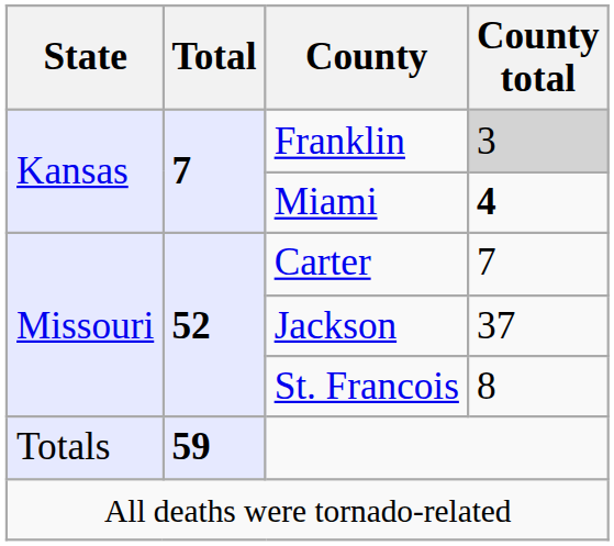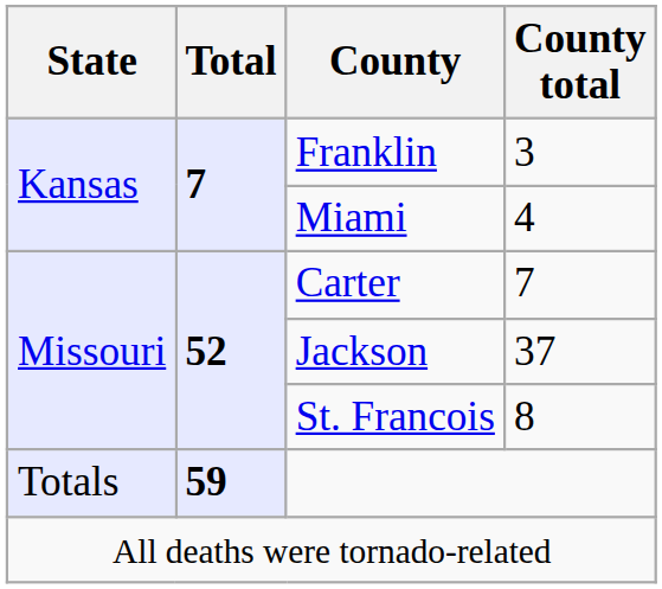 <table class="wikitable" style="margin:0 0 0.5em 1em;float:right;">
 <tr>
 <th><strong>State</strong></th>
 <th><strong>Total</strong></th>
 <th><strong>County</strong></th>
 <th><strong>County<br>total</strong></th>
 </tr>
 <tr>
 <td rowspan=2 bgcolor="#e6e9ff"><a href='#'>Kansas</a></td>
 <td rowspan=2 bgcolor="#e6e9ff"><strong>7</strong></td>
 <td><a href='#'>Franklin</a></td>
-<td style="background: lightgrey;">3</td>
+<td>3</td>
 </tr>
 <tr>
 <td><a href='#'>Miami</a></td>
-<td><strong>4</strong></td>
+<td>4</td>
 </tr>
 <tr>
 <td rowspan=3 bgcolor="#e6e9ff"><a href='#'>Missouri</a></td>
 <td rowspan=3 bgcolor="#e6e9ff"><strong>52</strong></td>
 <td><a href='#'>Carter</a></td>
 <td>7</td>
 </tr>
 <tr>
 <td><a href='#'>Jackson</a></td>
 <td>37</td>
 </tr>
 <tr>
 <td><a href='#'>St. Francois</a></td>
 <td>8</td>
 </tr>
 <tr>
 <td bgcolor="#e6e9ff">Totals</td>
 <td bgcolor="#e6e9ff"><strong>59</strong></td>
 <td colspan=2></td>
 </tr>
 <tr>
 <td colspan=4 align=center><small>All deaths were tornado-related</small></td>
 </tr>
 </table>
